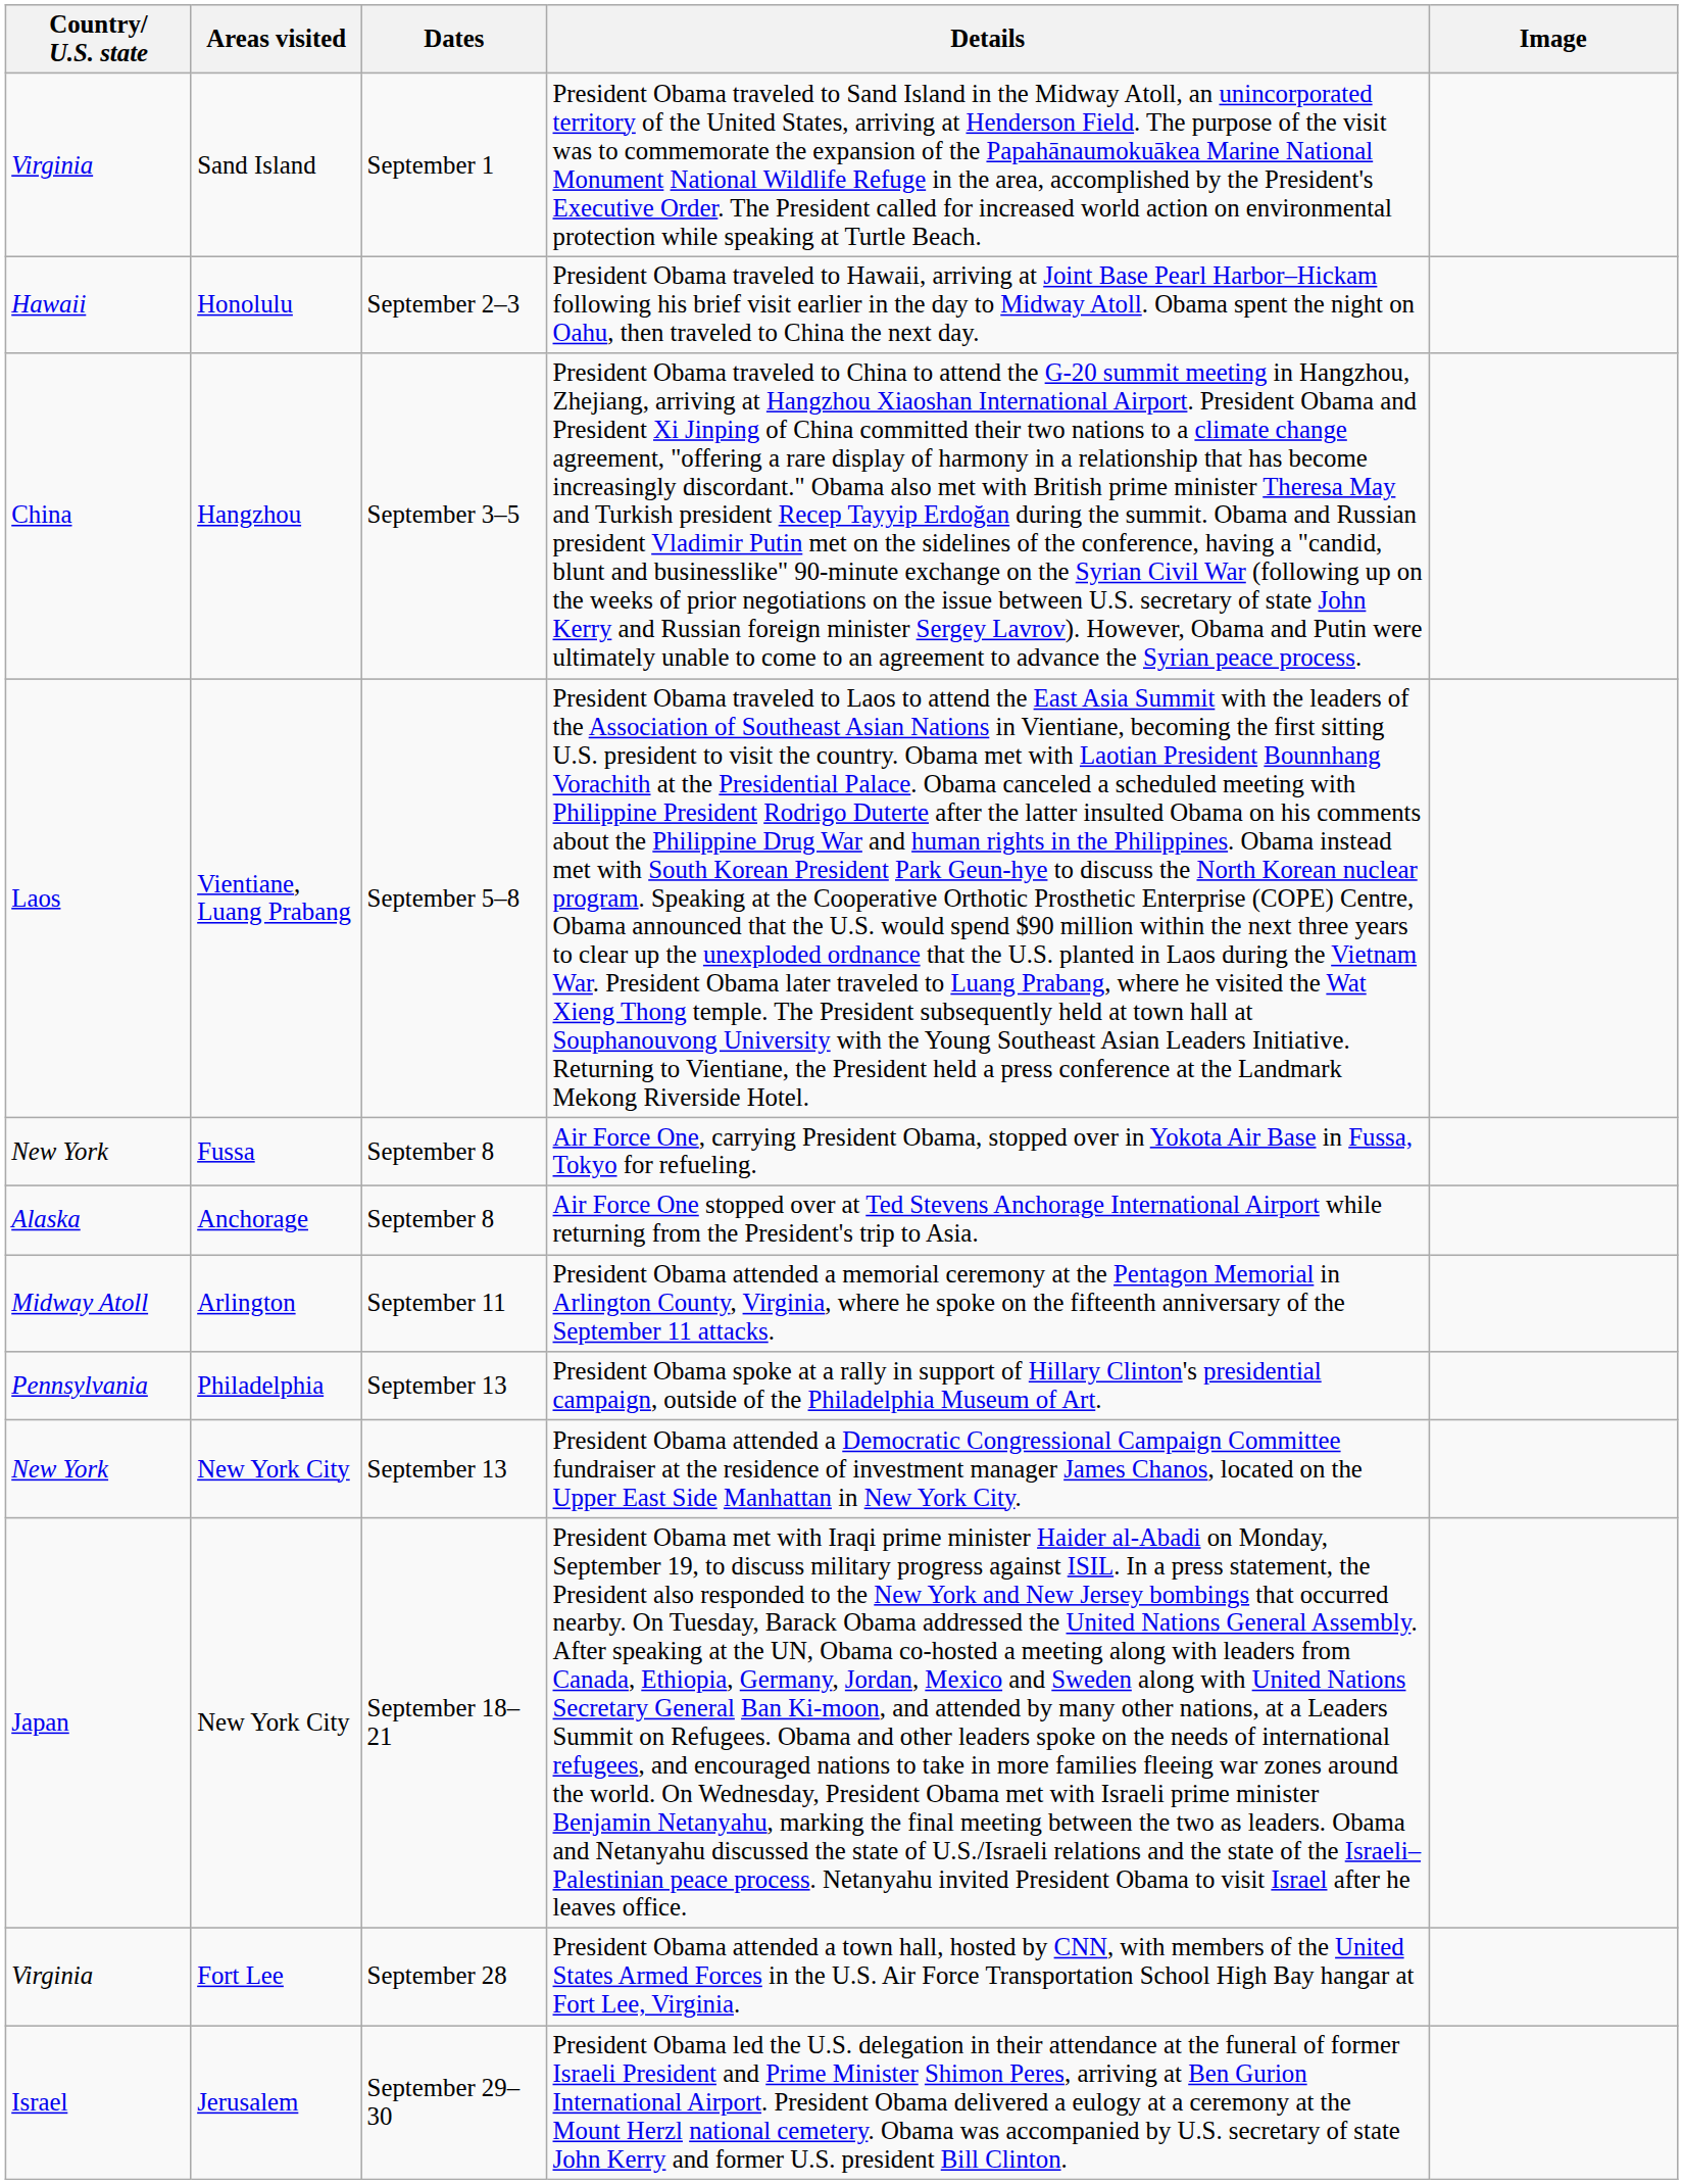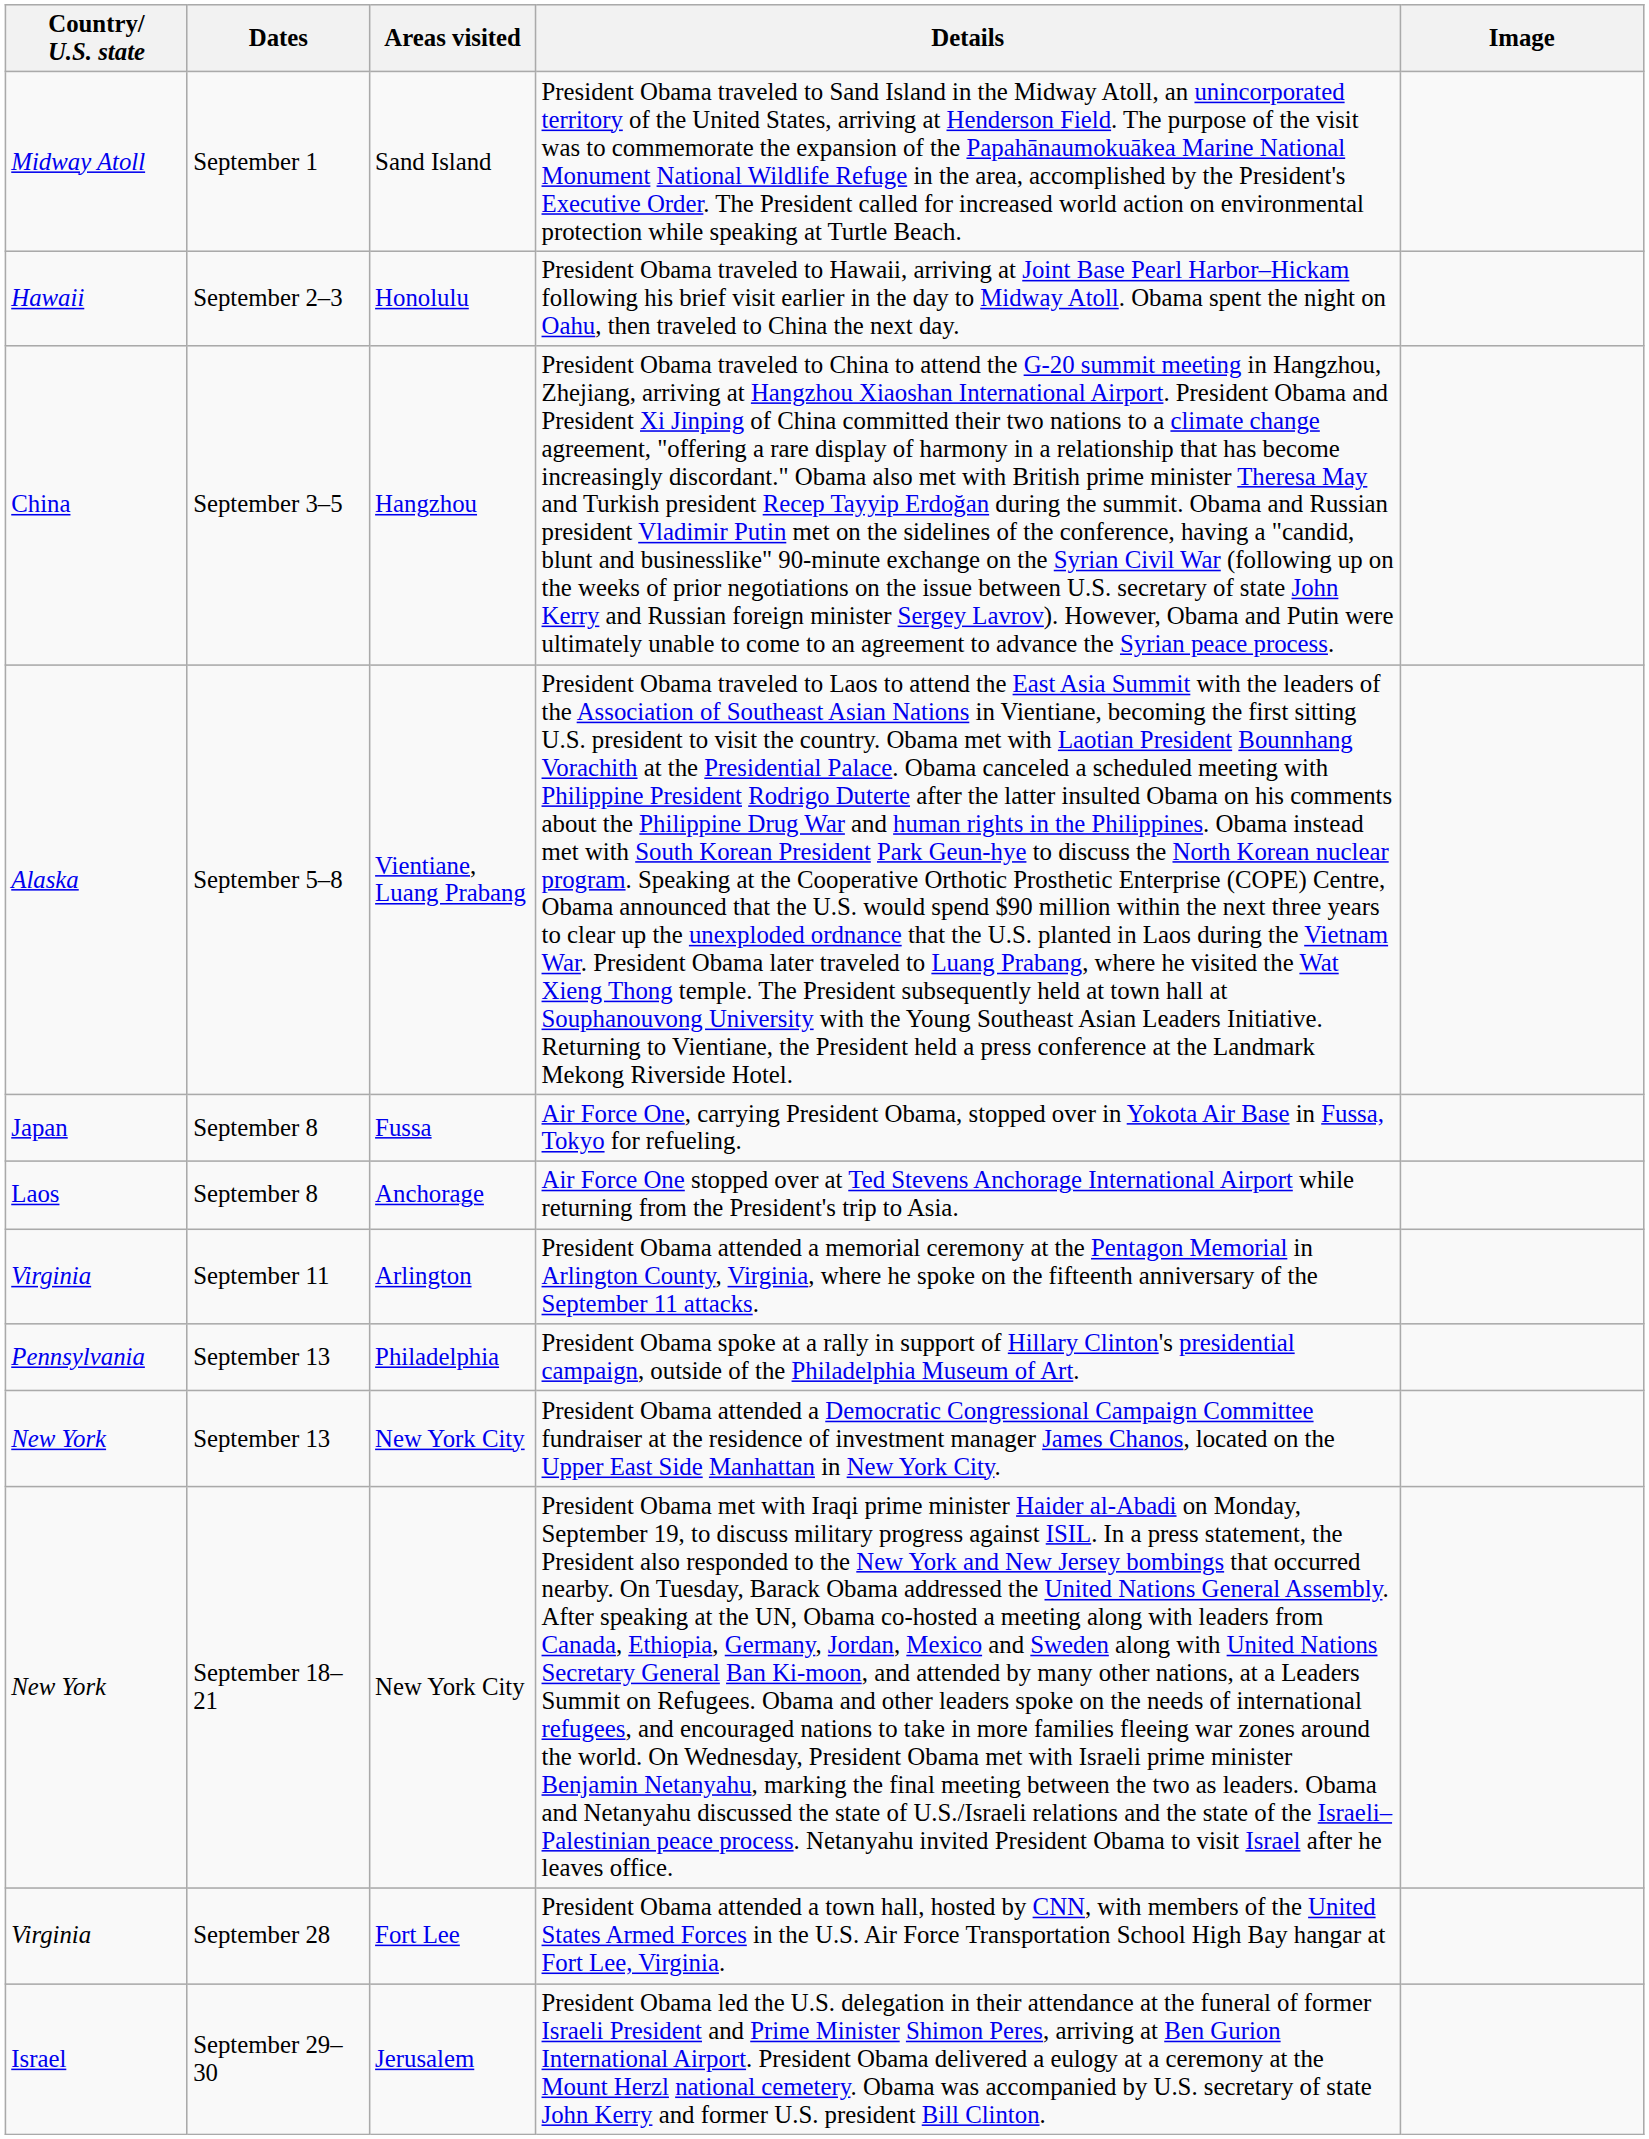 <table class="wikitable" style="margin: 1em auto 1em auto">
 <tr>
 <th width=110>Country/<br><em>U.S. state</em></th>
+<th width=110>Dates</th>
 <th width=100>Areas visited</th>
-<th width=110>Dates</th>
 <th width=550>Details</th>
 <th width=150>Image</th>
 </tr>
 <tr>
-<td> <em><a href='#'>Virginia</a></em></td>
+<td><em><a href='#'>Midway Atoll</a></em></td>
+<td>September 1</td>
 <td>Sand Island</td>
-<td>September 1</td>
 <td>President Obama traveled to Sand Island in the Midway Atoll, an <a href='#'>unincorporated territory</a> of the United States, arriving at <a href='#'>Henderson Field</a>. The purpose of the visit was to commemorate the expansion of the <a href='#'>Papahānaumokuākea Marine National Monument</a> <a href='#'>National Wildlife Refuge</a> in the area, accomplished by the President's <a href='#'>Executive Order</a>. The President called for increased world action on environmental protection while speaking at Turtle Beach.</td>
 <td></td>
 </tr>
 <tr>
 <td> <em><a href='#'>Hawaii</a></em></td>
+<td>September 2–3</td>
 <td><a href='#'>Honolulu</a></td>
-<td>September 2–3</td>
 <td>President Obama traveled to Hawaii, arriving at <a href='#'>Joint Base Pearl Harbor–Hickam</a> following his brief visit earlier in the day to <a href='#'>Midway Atoll</a>. Obama spent the night on <a href='#'>Oahu</a>, then traveled to China the next day.</td>
 <td></td>
 </tr>
 <tr>
 <td> <a href='#'>China</a></td>
+<td>September 3–5</td>
 <td><a href='#'>Hangzhou</a></td>
-<td>September 3–5</td>
 <td>President Obama traveled to China to attend the <a href='#'>G-20 summit meeting</a> in Hangzhou, Zhejiang, arriving at <a href='#'>Hangzhou Xiaoshan International Airport</a>. President Obama and President <a href='#'>Xi Jinping</a> of China committed their two nations to a <a href='#'>climate change</a> agreement, "offering a rare display of harmony in a relationship that has become increasingly discordant." Obama also met with British prime minister <a href='#'>Theresa May</a> and Turkish president <a href='#'>Recep Tayyip Erdoğan</a> during the summit. Obama and Russian president <a href='#'>Vladimir Putin</a> met on the sidelines of the conference, having a "candid, blunt and businesslike" 90-minute exchange on the <a href='#'>Syrian Civil War</a> (following up on the weeks of prior negotiations on the issue between U.S. secretary of state <a href='#'>John Kerry</a> and Russian foreign minister <a href='#'>Sergey Lavrov</a>). However, Obama and Putin were ultimately unable to come to an agreement to advance the <a href='#'>Syrian peace process</a>.</td>
 <td></td>
 </tr>
 <tr>
-<td> <a href='#'>Laos</a></td>
+<td> <em><a href='#'>Alaska</a></em></td>
+<td>September 5–8</td>
 <td><a href='#'>Vientiane</a>, <a href='#'>Luang Prabang</a></td>
-<td>September 5–8</td>
 <td>President Obama traveled to Laos to attend the <a href='#'>East Asia Summit</a> with the leaders of the <a href='#'>Association of Southeast Asian Nations</a> in Vientiane, becoming the first sitting U.S. president to visit the country. Obama met with <a href='#'>Laotian President</a> <a href='#'>Bounnhang Vorachith</a> at the <a href='#'>Presidential Palace</a>. Obama canceled a scheduled meeting with <a href='#'>Philippine President</a> <a href='#'>Rodrigo Duterte</a> after the latter insulted Obama on his comments about the <a href='#'>Philippine Drug War</a> and <a href='#'>human rights in the Philippines</a>. Obama instead met with <a href='#'>South Korean President</a> <a href='#'>Park Geun-hye</a> to discuss the <a href='#'>North Korean nuclear program</a>. Speaking at the Cooperative Orthotic Prosthetic Enterprise (COPE) Centre, Obama announced that the U.S. would spend $90 million within the next three years to clear up the <a href='#'>unexploded ordnance</a> that the U.S. planted in Laos during the <a href='#'>Vietnam War</a>. President Obama later traveled to <a href='#'>Luang Prabang</a>, where he visited the <a href='#'>Wat Xieng Thong</a> temple. The President subsequently held at town hall at <a href='#'>Souphanouvong University</a> with the Young Southeast Asian Leaders Initiative. Returning to Vientiane, the President held a press conference at the Landmark Mekong Riverside Hotel.</td>
 <td></td>
 </tr>
 <tr>
-<td> <em>New York</em></td>
+<td> <a href='#'>Japan</a></td>
+<td>September 8</td>
 <td><a href='#'>Fussa</a></td>
-<td>September 8</td>
 <td><a href='#'>Air Force One</a>, carrying President Obama, stopped over in <a href='#'>Yokota Air Base</a> in <a href='#'>Fussa, Tokyo</a> for refueling.</td>
 <td></td>
 </tr>
 <tr>
-<td> <em><a href='#'>Alaska</a></em></td>
+<td> <a href='#'>Laos</a></td>
+<td>September 8</td>
 <td><a href='#'>Anchorage</a></td>
-<td>September 8</td>
 <td><a href='#'>Air Force One</a> stopped over at <a href='#'>Ted Stevens Anchorage International Airport</a> while returning from the President's trip to Asia.</td>
 <td></td>
 </tr>
 <tr>
-<td><em><a href='#'>Midway Atoll</a></em></td>
+<td> <em><a href='#'>Virginia</a></em></td>
+<td>September 11</td>
 <td><a href='#'>Arlington</a></td>
-<td>September 11</td>
 <td>President Obama attended a memorial ceremony at the <a href='#'>Pentagon Memorial</a> in <a href='#'>Arlington County</a>, <a href='#'>Virginia</a>, where he spoke on the fifteenth anniversary of the <a href='#'>September 11 attacks</a>.</td>
 <td></td>
 </tr>
 <tr>
 <td> <em><a href='#'>Pennsylvania</a></em></td>
+<td>September 13</td>
 <td><a href='#'>Philadelphia</a></td>
-<td>September 13</td>
 <td>President Obama spoke at a rally in support of <a href='#'>Hillary Clinton</a>'s <a href='#'>presidential campaign</a>, outside of the <a href='#'>Philadelphia Museum of Art</a>.</td>
 <td></td>
 </tr>
 <tr>
 <td> <em><a href='#'>New York</a></em></td>
+<td>September 13</td>
 <td><a href='#'>New York City</a></td>
-<td>September 13</td>
 <td>President Obama attended a <a href='#'>Democratic Congressional Campaign Committee</a> fundraiser at the residence of investment manager <a href='#'>James Chanos</a>, located on the <a href='#'>Upper East Side</a> <a href='#'>Manhattan</a> in <a href='#'>New York City</a>.</td>
 <td></td>
 </tr>
 <tr>
-<td> <a href='#'>Japan</a></td>
+<td> <em>New York</em></td>
+<td>September 18–21</td>
 <td>New York City</td>
-<td>September 18–21</td>
 <td>President Obama met with Iraqi prime minister <a href='#'>Haider al-Abadi</a> on Monday, September 19, to discuss military progress against <a href='#'>ISIL</a>. In a press statement, the President also responded to the <a href='#'>New York and New Jersey bombings</a> that occurred nearby. On Tuesday, Barack Obama addressed the <a href='#'>United Nations General Assembly</a>. After speaking at the UN, Obama co-hosted a meeting along with leaders from <a href='#'>Canada</a>, <a href='#'>Ethiopia</a>, <a href='#'>Germany</a>, <a href='#'>Jordan</a>, <a href='#'>Mexico</a> and <a href='#'>Sweden</a> along with <a href='#'>United Nations Secretary General</a> <a href='#'>Ban Ki-moon</a>, and attended by many other nations, at a Leaders Summit on Refugees. Obama and other leaders spoke on the needs of international <a href='#'>refugees</a>, and encouraged nations to take in more families fleeing war zones around the world. On Wednesday, President Obama met with Israeli prime minister <a href='#'>Benjamin Netanyahu</a>, marking the final meeting between the two as leaders. Obama and Netanyahu discussed the state of U.S./Israeli relations and the state of the <a href='#'>Israeli–Palestinian peace process</a>. Netanyahu invited President Obama to visit <a href='#'>Israel</a> after he leaves office.</td>
 <td></td>
 </tr>
 <tr>
 <td> <em>Virginia</em></td>
+<td>September 28</td>
 <td><a href='#'>Fort Lee</a></td>
-<td>September 28</td>
 <td>President Obama attended a town hall, hosted by <a href='#'>CNN</a>, with members of the <a href='#'>United States Armed Forces</a> in the U.S. Air Force Transportation School High Bay hangar at <a href='#'>Fort Lee, Virginia</a>.</td>
 <td></td>
 </tr>
 <tr>
 <td> <a href='#'>Israel</a></td>
+<td>September 29–30</td>
 <td><a href='#'>Jerusalem</a></td>
-<td>September 29–30</td>
 <td>President Obama led the U.S. delegation in their attendance at the funeral of former <a href='#'>Israeli President</a> and <a href='#'>Prime Minister</a> <a href='#'>Shimon Peres</a>, arriving at <a href='#'>Ben Gurion International Airport</a>. President Obama delivered a eulogy at a ceremony at the <a href='#'>Mount Herzl</a> <a href='#'>national cemetery</a>. Obama was accompanied by U.S. secretary of state <a href='#'>John Kerry</a> and former U.S. president <a href='#'>Bill Clinton</a>.</td>
 <td></td>
 </tr>
 </table>
